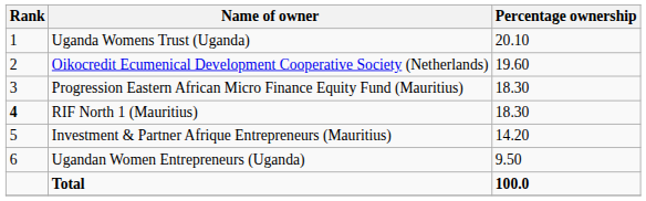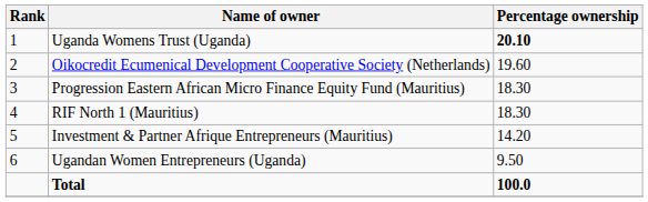 <table class="wikitable sortable" style="margin-left:auto;margin-right:auto">
 <tr>
 <th style="width:2em;">Rank</th>
 <th>Name of owner</th>
 <th>Percentage ownership</th>
 </tr>
 <tr>
 <td>1</td>
 <td>Uganda Womens Trust (Uganda)</td>
-<td>20.10</td>
+<td><strong>20.10</strong></td>
 </tr>
 <tr>
 <td>2</td>
 <td><a href='#'>Oikocredit Ecumenical Development Cooperative Society</a> (Netherlands)</td>
 <td>19.60</td>
 </tr>
 <tr>
 <td>3</td>
 <td>Progression Eastern African Micro Finance Equity Fund (Mauritius)</td>
 <td>18.30</td>
 </tr>
 <tr>
-<td><strong>4</strong></td>
+<td>4</td>
 <td>RIF North 1 (Mauritius)</td>
 <td>18.30</td>
 </tr>
 <tr>
 <td>5</td>
 <td>Investment & Partner Afrique Entrepreneurs (Mauritius)</td>
 <td>14.20</td>
 </tr>
 <tr>
 <td>6</td>
 <td>Ugandan Women Entrepreneurs (Uganda)</td>
 <td>9.50</td>
 </tr>
 <tr>
 <td></td>
 <td><strong>Total</strong></td>
 <td><strong>100.0</strong></td>
 </tr>
 <tr>
 </tr>
 </table>
